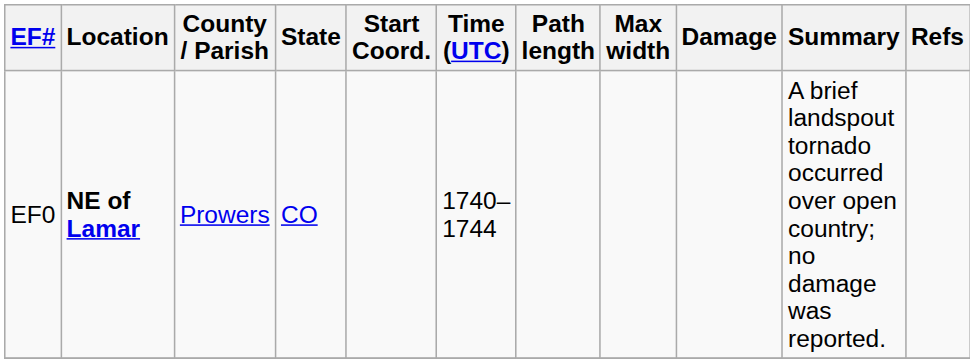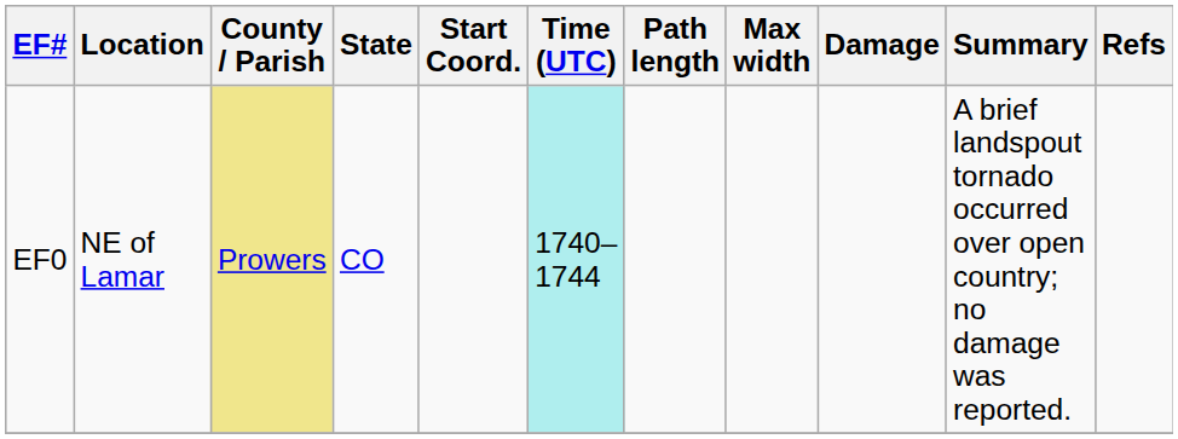 <table class="wikitable sortable" style="width:100%;">
 <tr>
 <th scope="col" width="3%" align="center"><a href='#'>EF#</a></th>
 <th scope="col" width="7%" align="center" class="unsortable">Location</th>
 <th scope="col" width="6%" align="center" class="unsortable">County / Parish</th>
 <th scope="col" width="5%" align="center">State</th>
 <th scope="col" width="6%" align="center">Start Coord.</th>
 <th scope="col" width="6%" align="center">Time (<a href='#'>UTC</a>)</th>
 <th scope="col" width="6%" align="center">Path length</th>
 <th scope="col" width="6%" align="center">Max width</th>
 <th scope="col" width="6%" align="center">Damage</th>
 <th scope="col" width="48%" class="unsortable" align="center">Summary</th>
 <th scope="col" width="48%" class="unsortable" align="center">Refs</th>
 </tr>
 <tr>
 <td>EF0</td>
-<td><strong>NE of <a href='#'>Lamar</a></strong></td>
-<td><a href='#'>Prowers</a></td>
+<td>NE of <a href='#'>Lamar</a></td>
+<td style="background: khaki;"><a href='#'>Prowers</a></td>
 <td><a href='#'>CO</a></td>
 <td></td>
-<td>1740–1744</td>
+<td style="background: paleturquoise;">1740–1744</td>
 <td></td>
 <td></td>
 <td></td>
 <td>A brief landspout tornado occurred over open country; no damage was reported.</td>
 <td></td>
 </tr>
 <tr>
 </tr>
 </table>
